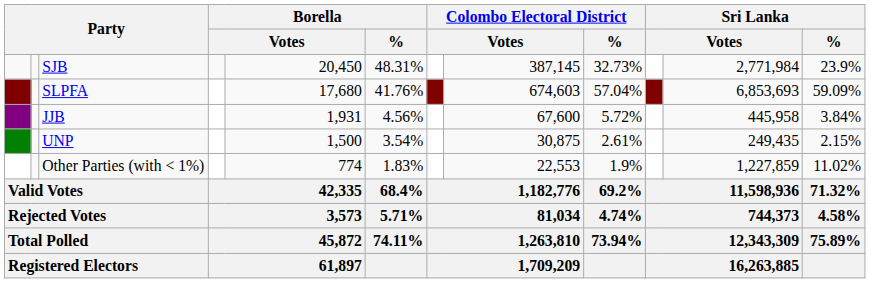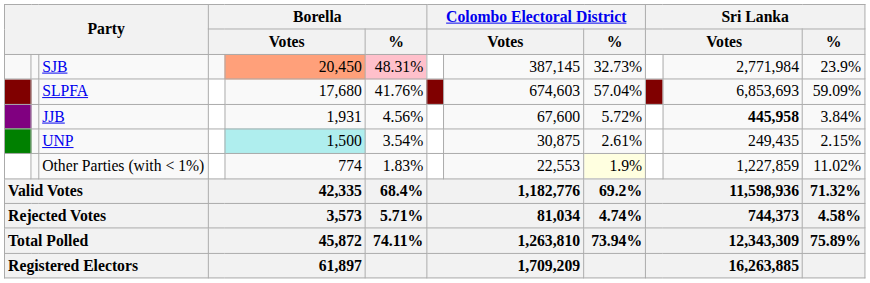 <table class="wikitable">
 <tr>
 <th colspan="3" width="144px"rowspan="2">Party</th>
 <th colspan="3" width="216px">Borella</th>
 <th colspan="3" width="216px"><a href='#'>Colombo Electoral District</a></th>
 <th colspan="3" width="216px">Sri Lanka</th>
 </tr>
 <tr>
 <th colspan="2" width="144px">Votes</th>
 <th>%</th>
 <th colspan="2" width="144px">Votes</th>
 <th>%</th>
 <th colspan="2" width="144px">Votes</th>
 <th>%</th>
 </tr>
 <tr>
 <td style="background-color:"></td>
 <td></td>
 <td style="text-align:left;"><a href='#'>SJB</a></td>
 <td style="background-color:"></td>
-<td style="text-align:right;">20,450</td>
-<td style="text-align:right;">48.31%</td>
+<td style="background: lightsalmon; text-align:right;">20,450</td>
+<td style="background: pink; text-align:right;">48.31%</td>
 <td style="background-color:white;" width="10px"></td>
 <td style="text-align:right;">387,145</td>
 <td style="text-align:right;">32.73%</td>
 <td style="background-color:white;" width="10px"></td>
 <td style="text-align:right;">2,771,984</td>
 <td style="text-align:right;">23.9%</td>
 </tr>
 <tr>
 <td style="background-color:maroon;" width="20px"></td>
 <td></td>
 <td style="text-align:left;"><a href='#'>SLPFA</a></td>
 <td style="background-color:white;" width="10px"></td>
 <td style="text-align:right;">17,680</td>
 <td style="text-align:right;">41.76%</td>
 <td style="background-color:maroon;" width="10px"></td>
 <td style="text-align:right;">674,603</td>
 <td style="text-align:right;">57.04%</td>
 <td style="background-color:maroon;" width="10px"></td>
 <td style="text-align:right;">6,853,693</td>
 <td style="text-align:right;">59.09%</td>
 </tr>
 <tr>
 <td style="background-color:purple;" width="20px"></td>
 <td></td>
 <td style="text-align:left;"><a href='#'>JJB</a></td>
 <td style="background-color:white;" width="10px"></td>
 <td style="text-align:right;">1,931</td>
 <td style="text-align:right;">4.56%</td>
 <td style="background-color:white;" width="10px"></td>
 <td style="text-align:right;">67,600</td>
 <td style="text-align:right;">5.72%</td>
 <td style="background-color:white;" width="10px"></td>
-<td style="text-align:right;">445,958</td>
+<td style="text-align:right;"><strong>445,958</strong></td>
 <td style="text-align:right;">3.84%</td>
 </tr>
 <tr>
 <td style="background-color:green;" width="20px"></td>
 <td></td>
 <td style="text-align:left;"><a href='#'>UNP</a></td>
 <td style="background-color:white;" width="10px"></td>
-<td style="text-align:right;">1,500</td>
+<td style="background: paleturquoise; text-align:right;">1,500</td>
 <td style="text-align:right;">3.54%</td>
 <td style="background-color:white;" width="10px"></td>
 <td style="text-align:right;">30,875</td>
 <td style="text-align:right;">2.61%</td>
 <td style="background-color:white;" width="10px"></td>
 <td style="text-align:right;">249,435</td>
 <td style="text-align:right;">2.15%</td>
 </tr>
 <tr>
 <td style="background-color:white;" width="20px"></td>
 <td></td>
 <td style="text-align:left;">Other Parties (with < 1%)</td>
 <td style="background-color:white;" width="10px"></td>
 <td style="text-align:right;">774</td>
 <td style="text-align:right;">1.83%</td>
 <td style="background-color:white;" width="10px"></td>
 <td style="text-align:right;">22,553</td>
-<td style="text-align:right;">1.9%</td>
+<td style="background: lightyellow; text-align:right;">1.9%</td>
 <td style="background-color:white;" width="10px"></td>
 <td style="text-align:right;">1,227,859</td>
 <td style="text-align:right;">11.02%</td>
 </tr>
 <tr>
 <th colspan="3" width="144px"style="text-align:left;">Valid Votes</th>
 <th style="text-align:right;"colspan="2" width="144px">42,335</th>
 <th style="text-align:right;">68.4%</th>
 <th style="text-align:right;"colspan="2" width="144px">1,182,776</th>
 <th style="text-align:right;">69.2%</th>
 <th style="text-align:right;"colspan="2" width="144px">11,598,936</th>
 <th style="text-align:right;">71.32%</th>
 </tr>
 <tr>
 <th colspan="3" width="144px"style="text-align:left;">Rejected Votes</th>
 <th style="text-align:right;"colspan="2" width="144px">3,573</th>
 <th style="text-align:right;">5.71%</th>
 <th style="text-align:right;"colspan="2" width="144px">81,034</th>
 <th style="text-align:right;">4.74%</th>
 <th style="text-align:right;"colspan="2" width="144px">744,373</th>
 <th style="text-align:right;">4.58%</th>
 </tr>
 <tr>
 <th colspan="3" width="144px"style="text-align:left;">Total Polled</th>
 <th style="text-align:right;"colspan="2" width="144px">45,872</th>
 <th style="text-align:right;">74.11%</th>
 <th style="text-align:right;"colspan="2" width="144px">1,263,810</th>
 <th style="text-align:right;">73.94%</th>
 <th style="text-align:right;"colspan="2" width="144px">12,343,309</th>
 <th style="text-align:right;">75.89%</th>
 </tr>
 <tr>
 <th colspan="3" width="144px"style="text-align:left;">Registered Electors</th>
 <th style="text-align:right;"colspan="2" width="144px">61,897</th>
 <th></th>
 <th style="text-align:right;"colspan="2" width="144px">1,709,209</th>
 <th></th>
 <th style="text-align:right;"colspan="2" width="144px">16,263,885</th>
 <th></th>
 </tr>
 </table>
